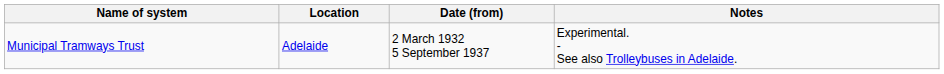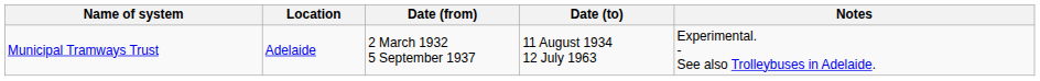 <table class="wikitable" width=100%>
 <tr>
 <th width=25%>Name of system</th>
 <th width=10%>Location</th>
 <th width=15%>Date (from)</th>
+<th width=15%>Date (to)</th>
 <th width=35%>Notes</th>
 </tr>
 <tr>
 <td><a href='#'>Municipal Tramways Trust</a></td>
 <td><a href='#'>Adelaide</a></td>
 <td>2 March 1932<br>5 September 1937</td>
+<td>11 August 1934<br>12 July 1963</td>
 <td>Experimental.<br>-<br> See also <a href='#'>Trolleybuses in Adelaide</a>.</td>
 </tr>
 </table>
